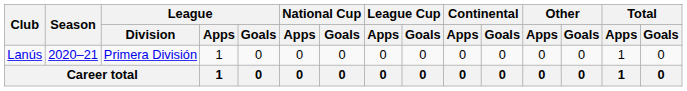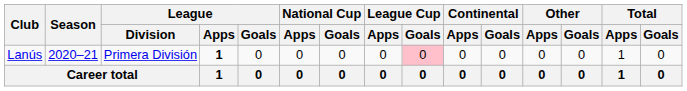 <table class="wikitable" style="text-align:center">
 <tr>
 <th rowspan="2">Club</th>
 <th rowspan="2">Season</th>
 <th colspan="3">League</th>
 <th colspan="2">National Cup</th>
 <th colspan="2">League Cup</th>
 <th colspan="2">Continental</th>
 <th colspan="2">Other</th>
 <th colspan="2">Total</th>
 </tr>
 <tr>
 <th>Division</th>
 <th>Apps</th>
 <th>Goals</th>
 <th>Apps</th>
 <th>Goals</th>
 <th>Apps</th>
 <th>Goals</th>
 <th>Apps</th>
 <th>Goals</th>
 <th>Apps</th>
 <th>Goals</th>
 <th>Apps</th>
 <th>Goals</th>
 </tr>
 <tr>
 <td rowspan="1"><a href='#'>Lanús</a></td>
 <td><a href='#'>2020–21</a></td>
 <td rowspan="1"><a href='#'>Primera División</a></td>
-<td>1</td>
+<td><strong>1</strong></td>
 <td>0</td>
 <td>0</td>
 <td>0</td>
 <td>0</td>
-<td>0</td>
+<td style="background: pink;">0</td>
 <td>0</td>
 <td>0</td>
 <td>0</td>
 <td>0</td>
 <td>1</td>
 <td>0</td>
 </tr>
 <tr>
 <th colspan="3">Career total</th>
 <th>1</th>
 <th>0</th>
 <th>0</th>
 <th>0</th>
 <th>0</th>
 <th>0</th>
 <th>0</th>
 <th>0</th>
 <th>0</th>
 <th>0</th>
 <th>1</th>
 <th>0</th>
 </tr>
 </table>
